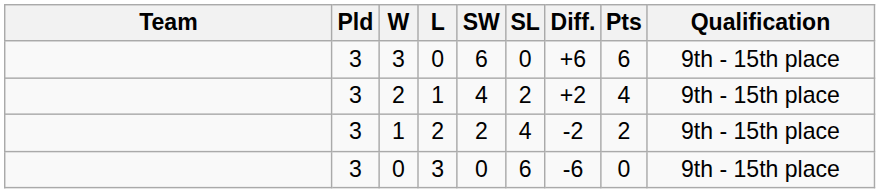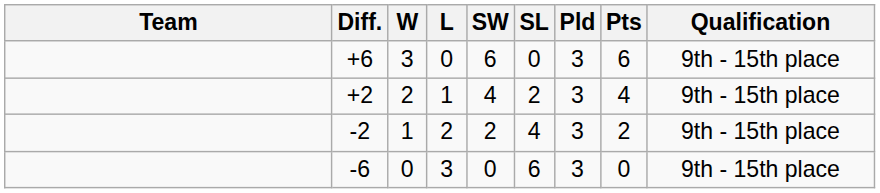 <table class=wikitable style="text-align:center">
 <tr>
 <th width=220>Team</th>
-<th width=20>Pld</th>
+<th width=20>Diff.</th>
 <th width=20>W</th>
 <th width=20>L</th>
 <th width=20>SW</th>
 <th width=20>SL</th>
-<th width=20>Diff.</th>
+<th width=20>Pld</th>
 <th width=20>Pts</th>
 <th width=150>Qualification</th>
 </tr>
 <tr>
 <td align=left></td>
-<td>3</td>
+<td>+6</td>
 <td>3</td>
 <td>0</td>
 <td>6</td>
 <td>0</td>
-<td>+6</td>
+<td>3</td>
 <td>6</td>
 <td>9th - 15th place</td>
 </tr>
 <tr>
 <td align=left></td>
-<td>3</td>
+<td>+2</td>
 <td>2</td>
 <td>1</td>
 <td>4</td>
 <td>2</td>
-<td>+2</td>
+<td>3</td>
 <td>4</td>
 <td>9th - 15th place</td>
 </tr>
 <tr>
 <td align=left></td>
-<td>3</td>
+<td>-2</td>
 <td>1</td>
 <td>2</td>
 <td>2</td>
 <td>4</td>
-<td>-2</td>
+<td>3</td>
 <td>2</td>
 <td>9th - 15th place</td>
 </tr>
 <tr>
 <td align=left></td>
-<td>3</td>
+<td>-6</td>
 <td>0</td>
 <td>3</td>
 <td>0</td>
 <td>6</td>
-<td>-6</td>
+<td>3</td>
 <td>0</td>
 <td>9th - 15th place</td>
 </tr>
 </table>
